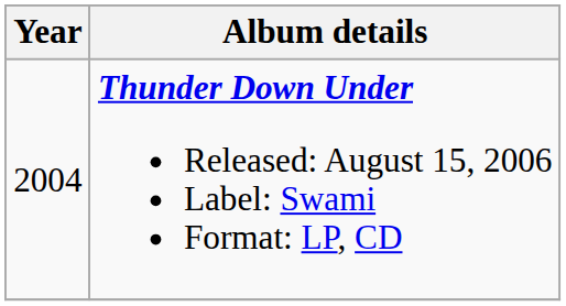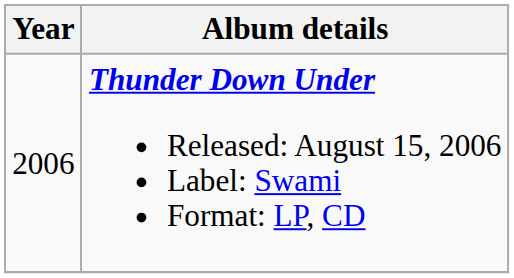 <table class ="wikitable">
 <tr>
 <th>Year</th>
 <th>Album details</th>
 </tr>
 <tr>
-<td>2004</td>
+<td>2006</td>
 <td><strong><em><a href='#'>Thunder Down Under</a></em></strong><br><ul><li>Released: August 15, 2006</li><li>Label: <a href='#'>Swami</a></li><li>Format: <a href='#'>LP</a>, <a href='#'>CD</a></li></ul></td>
 </tr>
 <tr>
 </tr>
 </table>
